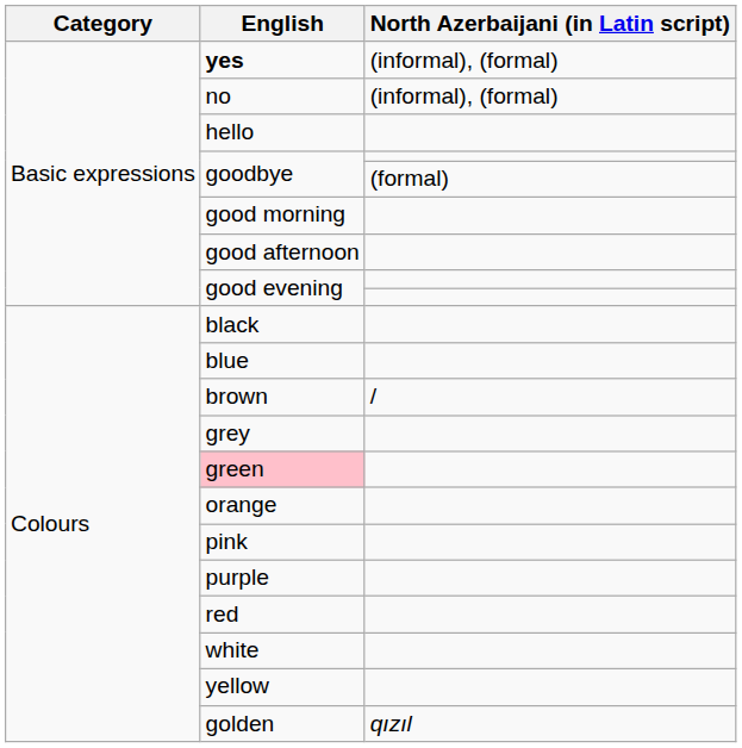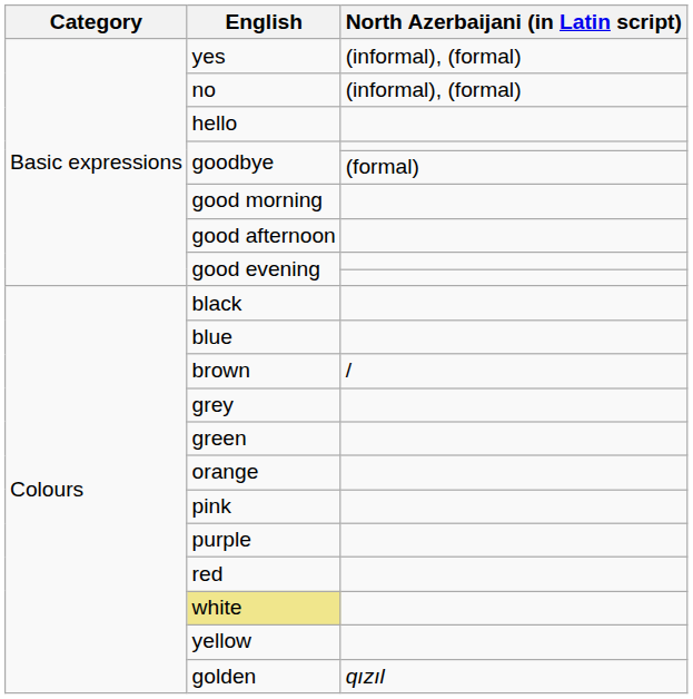 <table class="wikitable">
 <tr>
 <th>Category</th>
 <th>English</th>
 <th>North Azerbaijani (in <a href='#'>Latin</a> script)</th>
 </tr>
 <tr>
 <td rowspan="9">Basic expressions</td>
-<td><strong>yes</strong></td>
+<td>yes</td>
 <td><em></em>  (informal),  (formal)</td>
 </tr>
 <tr>
 <td>no</td>
 <td><em></em>  (informal),  (formal)</td>
 </tr>
 <tr>
 <td>hello</td>
 <td><em></em> </td>
 </tr>
 <tr>
 <td rowspan="2">goodbye</td>
 <td><em></em> </td>
 </tr>
 <tr>
 <td><em></em>  (formal)</td>
 </tr>
 <tr>
 <td>good morning</td>
 <td><em></em> </td>
 </tr>
 <tr>
 <td>good afternoon</td>
 <td><em></em> </td>
 </tr>
 <tr>
 <td rowspan="2">good evening</td>
 <td><em></em> </td>
 </tr>
 <tr>
 <td><em></em> </td>
 </tr>
 <tr>
 <td rowspan="12">Colours</td>
 <td>black</td>
 <td><em></em> </td>
 </tr>
 <tr>
 <td>blue</td>
 <td><em></em> </td>
 </tr>
 <tr>
 <td>brown</td>
 <td><em></em> / <em></em></td>
 </tr>
 <tr>
 <td>grey</td>
 <td><em></em> </td>
 </tr>
 <tr>
-<td style="background: pink;">green</td>
+<td>green</td>
 <td><em></em> </td>
 </tr>
 <tr>
 <td>orange</td>
 <td><em></em> </td>
 </tr>
 <tr>
 <td>pink</td>
 <td><em></em><br></td>
 </tr>
 <tr>
 <td>purple</td>
 <td><em></em><br></td>
 </tr>
 <tr>
 <td>red</td>
 <td><em></em> </td>
 </tr>
 <tr>
-<td>white</td>
+<td style="background: khaki;">white</td>
 <td><em></em> </td>
 </tr>
 <tr>
 <td>yellow</td>
 <td><em></em> </td>
 </tr>
 <tr>
 <td>golden</td>
 <td><em>qızıl</em></td>
 </tr>
 </table>
